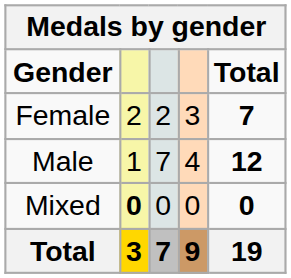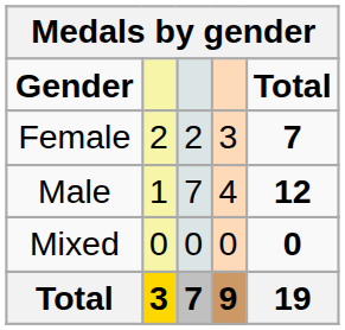 <table class=wikitable style="font-size:85%; float:right;text-align:center">
 <tr bgcolor=EFEFEF>
 <th colspan=6><strong>Medals by gender</strong></th>
 </tr>
 <tr>
 <td><strong>Gender</strong></td>
 <td bgcolor=F7F6A8></td>
 <td bgcolor=DCE5E5></td>
 <td bgcolor=FFDAB9></td>
 <td><strong>Total</strong></td>
 </tr>
 <tr>
 <td>Female</td>
 <td bgcolor=F7F6A8>2</td>
 <td bgcolor=DCE5E5>2</td>
 <td bgcolor=FFDAB9>3</td>
 <td><strong>7</strong></td>
 </tr>
 <tr>
 <td>Male</td>
 <td bgcolor=F7F6A8>1</td>
 <td bgcolor=DCE5E5>7</td>
 <td bgcolor=FFDAB9>4</td>
 <td><strong>12</strong></td>
 </tr>
 <tr>
 <td>Mixed</td>
-<td bgcolor=F7F6A8><strong>0</strong></td>
+<td bgcolor=F7F6A8>0</td>
 <td bgcolor=DCE5E5>0</td>
 <td bgcolor=FFDAB9>0</td>
 <td><strong>0</strong></td>
 </tr>
 <tr>
 <th><strong>Total</strong></th>
 <th style=background:gold><strong>3</strong></th>
 <th style=background:silver><strong>7</strong></th>
 <th style=background:#C96><strong>9</strong></th>
 <th><strong>19</strong></th>
 </tr>
 </table>
